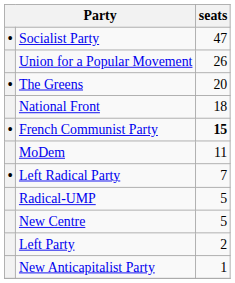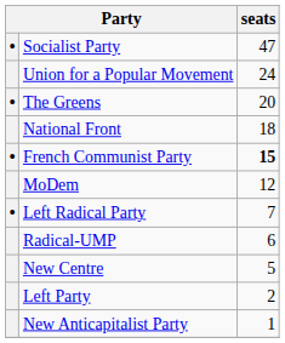 <table class="wikitable" style="font-size: 95%;">
 <tr>
 <th colspan=2>Party</th>
 <th>seats</th>
 </tr>
 <tr>
 <th style="background-color: "><span>•</span></th>
 <td><a href='#'>Socialist Party</a></td>
 <td align="right">47</td>
 </tr>
 <tr>
 <th style="background-color: "></th>
 <td><a href='#'>Union for a Popular Movement</a></td>
-<td align="right">26</td>
+<td align="right">24</td>
 </tr>
 <tr>
 <th style="background-color: "><span>•</span></th>
 <td><a href='#'>The Greens</a></td>
 <td align="right">20</td>
 </tr>
 <tr>
 <th style="background-color: "></th>
 <td><a href='#'>National Front</a></td>
 <td align="right">18</td>
 </tr>
 <tr>
 <th style="background-color: "><span>•</span></th>
 <td><a href='#'>French Communist Party</a></td>
 <td align="right"><strong>15</strong></td>
 </tr>
 <tr>
 <th style="background-color: "></th>
 <td><a href='#'>MoDem</a></td>
-<td align="right">11</td>
+<td align="right">12</td>
 </tr>
 <tr>
 <th style="background-color: "><span>•</span></th>
 <td><a href='#'>Left Radical Party</a></td>
 <td align="right">7</td>
 </tr>
 <tr>
 <th style="background-color: "></th>
 <td><a href='#'>Radical-UMP</a></td>
-<td align="right">5</td>
+<td align="right">6</td>
 </tr>
 <tr>
 <th style="background-color: "></th>
 <td><a href='#'>New Centre</a></td>
 <td align="right">5</td>
 </tr>
 <tr>
 <th style="background-color: "></th>
 <td><a href='#'>Left Party</a></td>
 <td align="right">2</td>
 </tr>
 <tr>
 <th style="background-color: "></th>
 <td><a href='#'>New Anticapitalist Party</a></td>
 <td align="right">1</td>
 </tr>
 <tr>
 </tr>
 </table>
